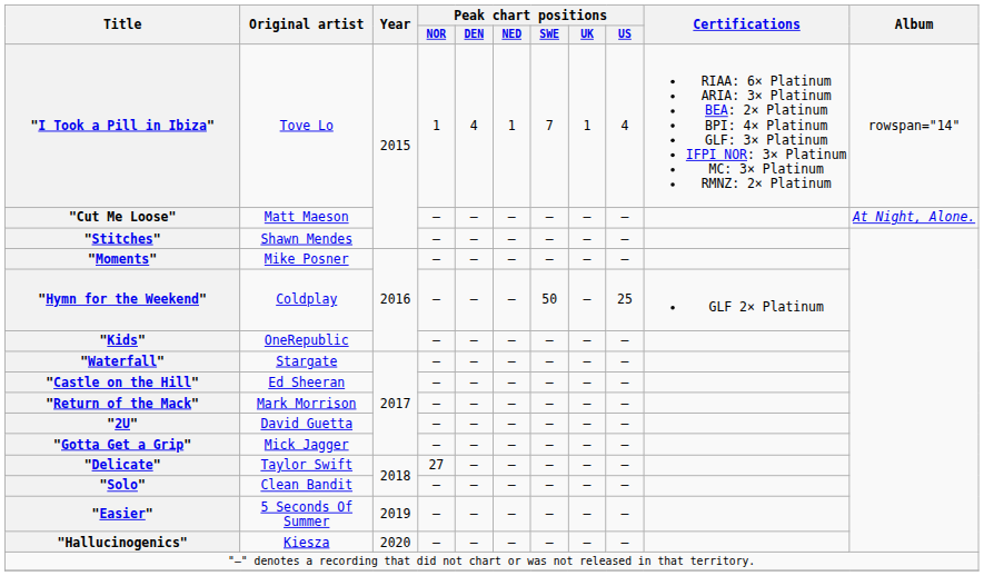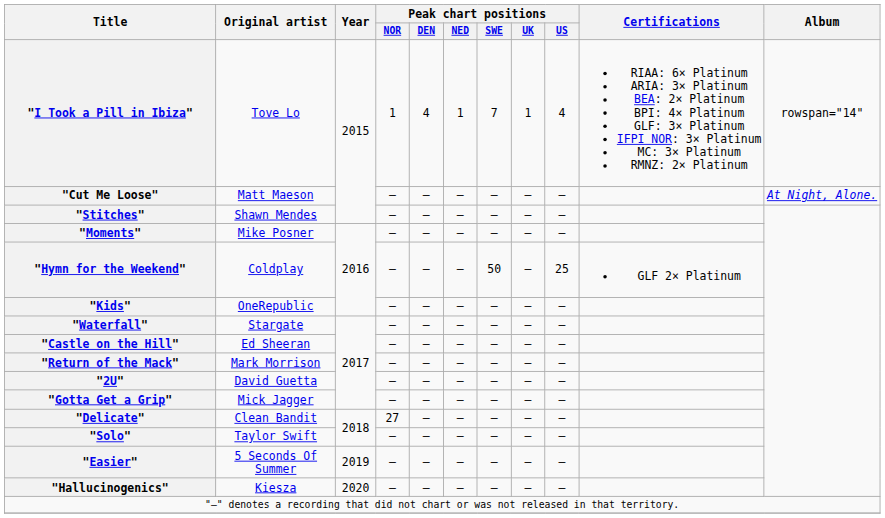 <table class="wikitable plainrowheaders" style="text-align:center;">
 <tr>
 <th scope="col" rowspan="2" style="width:18em;">Title</th>
 <th scope="col" rowspan="2" style="width:10em;">Original artist</th>
 <th scope="col" rowspan="2" style="width:3em;">Year</th>
 <th scope="col" colspan="6">Peak chart positions</th>
 <th scope="col" rowspan="2"><a href='#'>Certifications</a></th>
 <th scope="col" rowspan="2">Album</th>
 </tr>
 <tr>
 <th scope="col" style="width:3em;font-size:85%;"><a href='#'>NOR</a><br></th>
 <th scope="col" style="width:3em;font-size:85%;"><a href='#'>DEN</a><br></th>
 <th scope="col" style="width:3em;font-size:85%;"><a href='#'>NED</a><br></th>
 <th scope="col" style="width:3em;font-size:85%;"><a href='#'>SWE</a><br></th>
 <th scope="col" style="width:3em;font-size:85%;"><a href='#'>UK</a><br></th>
 <th scope="col" style="width:3em;font-size:85%;"><a href='#'>US</a><br></th>
 </tr>
 <tr>
 <th scope="row">"<a href='#'>I Took a Pill in Ibiza</a>" </th>
 <td><a href='#'>Tove Lo</a></td>
 <td rowspan="3">2015</td>
 <td>1</td>
 <td>4</td>
 <td>1</td>
 <td>7</td>
 <td>1</td>
 <td>4</td>
 <td><br><ul><li>RIAA: 6× Platinum</li><li>ARIA: 3× Platinum</li><li><a href='#'>BEA</a>: 2× Platinum</li><li>BPI: 4× Platinum</li><li>GLF: 3× Platinum</li><li><a href='#'>IFPI NOR</a>: 3× Platinum</li><li>MC: 3× Platinum</li><li>RMNZ: 2× Platinum</li></ul></td>
 <td>rowspan="14" </td>
 </tr>
 <tr>
 <th scope="row">"Cut Me Loose" </th>
 <td><a href='#'>Matt Maeson</a></td>
 <td>—</td>
 <td>—</td>
 <td>—</td>
 <td>—</td>
 <td>—</td>
 <td>—</td>
 <td></td>
 <td><em><a href='#'>At Night, Alone.</a></em></td>
 </tr>
 <tr>
 <th scope="row">"<a href='#'>Stitches</a>" </th>
 <td><a href='#'>Shawn Mendes</a></td>
 <td>—</td>
 <td>—</td>
 <td>—</td>
 <td>—</td>
 <td>—</td>
 <td>—</td>
 <td></td>
 </tr>
 <tr>
 <th scope="row">"<a href='#'>Moments</a>" </th>
 <td><a href='#'>Mike Posner</a></td>
 <td rowspan="3">2016</td>
 <td>—</td>
 <td>—</td>
 <td>—</td>
 <td>—</td>
 <td>—</td>
 <td>—</td>
 <td></td>
 </tr>
 <tr>
 <th scope="row">"<a href='#'>Hymn for the Weekend</a>" </th>
 <td><a href='#'>Coldplay</a></td>
 <td>—</td>
 <td>—</td>
 <td>—</td>
 <td>50<br></td>
 <td>—</td>
 <td>25<br></td>
 <td><br><ul><li>GLF 2× Platinum</li></ul></td>
 </tr>
 <tr>
 <th scope="row">"<a href='#'>Kids</a>" </th>
 <td><a href='#'>OneRepublic</a></td>
 <td>—</td>
 <td>—</td>
 <td>—</td>
 <td>—</td>
 <td>—</td>
 <td>—</td>
 <td></td>
 </tr>
 <tr>
 <th scope="row">"<a href='#'>Waterfall</a>" </th>
 <td><a href='#'>Stargate</a><br></td>
 <td rowspan="5">2017</td>
 <td>—</td>
 <td>—</td>
 <td>—</td>
 <td>—</td>
 <td>—</td>
 <td>—</td>
 <td></td>
 </tr>
 <tr>
 <th scope="row">"<a href='#'>Castle on the Hill</a>" </th>
 <td><a href='#'>Ed Sheeran</a></td>
 <td>—</td>
 <td>—</td>
 <td>—</td>
 <td>—</td>
 <td>—</td>
 <td>—</td>
 <td></td>
 </tr>
 <tr>
 <th scope="row">"<a href='#'>Return of the Mack</a>" </th>
 <td><a href='#'>Mark Morrison</a></td>
 <td>—</td>
 <td>—</td>
 <td>—</td>
 <td>—</td>
 <td>—</td>
 <td>—</td>
 <td></td>
 </tr>
 <tr>
 <th scope="row">"<a href='#'>2U</a>" </th>
 <td><a href='#'>David Guetta</a> <br></td>
 <td>—</td>
 <td>—</td>
 <td>—</td>
 <td>—</td>
 <td>—</td>
 <td>—</td>
 <td></td>
 </tr>
 <tr>
 <th scope="row">"<a href='#'>Gotta Get a Grip</a>" </th>
 <td><a href='#'>Mick Jagger</a></td>
 <td>—</td>
 <td>—</td>
 <td>—</td>
 <td>—</td>
 <td>—</td>
 <td>—</td>
 <td></td>
 </tr>
 <tr>
 <th scope="row">"<a href='#'>Delicate</a>" </th>
-<td><a href='#'>Taylor Swift</a></td>
+<td><a href='#'>Clean Bandit</a> <br></td>
 <td rowspan="2">2018</td>
 <td>27</td>
 <td>—</td>
 <td>—</td>
 <td>—</td>
 <td>—</td>
 <td>—</td>
 <td></td>
 </tr>
 <tr>
 <th scope="row">"<a href='#'>Solo</a>" </th>
-<td><a href='#'>Clean Bandit</a> <br></td>
+<td><a href='#'>Taylor Swift</a></td>
 <td>—</td>
 <td>—</td>
 <td>—</td>
 <td>—</td>
 <td>—</td>
 <td>—</td>
 <td></td>
 </tr>
 <tr>
 <th scope="row">"<a href='#'>Easier</a>" </th>
 <td><a href='#'>5 Seconds Of Summer</a></td>
 <td>2019</td>
 <td>—</td>
 <td>—</td>
 <td>—</td>
 <td>—</td>
 <td>—</td>
 <td>—</td>
 <td></td>
 </tr>
 <tr>
 <th scope="row">"Hallucinogenics" </th>
 <td><a href='#'>Kiesza</a></td>
 <td>2020</td>
 <td>—</td>
 <td>—</td>
 <td>—</td>
 <td>—</td>
 <td>—</td>
 <td>—</td>
 <td></td>
 </tr>
 <tr>
 <td colspan="11" style="font-size:85%">"—" denotes a recording that did not chart or was not released in that territory.</td>
 </tr>
 <tr>
 </tr>
 </table>
